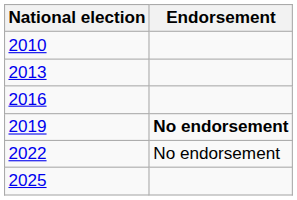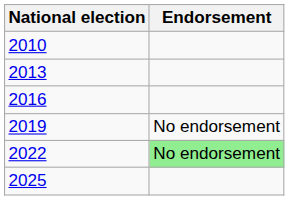 <table class="wikitable">
 <tr>
 <th>National election</th>
 <th colspan="2">Endorsement</th>
 </tr>
 <tr>
 <td><a href='#'>2010</a></td>
 <td></td>
 </tr>
 <tr>
 <td><a href='#'>2013</a></td>
 <td></td>
 </tr>
 <tr>
 <td><a href='#'>2016</a></td>
 <td></td>
 </tr>
 <tr>
 <td><a href='#'>2019</a></td>
-<td><strong>No endorsement</strong></td>
+<td>No endorsement</td>
 </tr>
 <tr>
 <td><a href='#'>2022</a></td>
-<td>No endorsement</td>
+<td style="background: lightgreen;">No endorsement</td>
 </tr>
 <tr>
 <td><a href='#'>2025</a></td>
 <td></td>
 </tr>
 </table>
